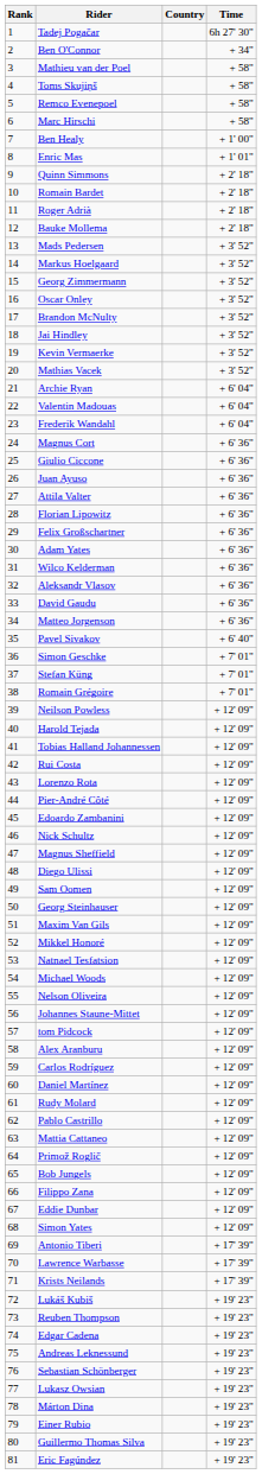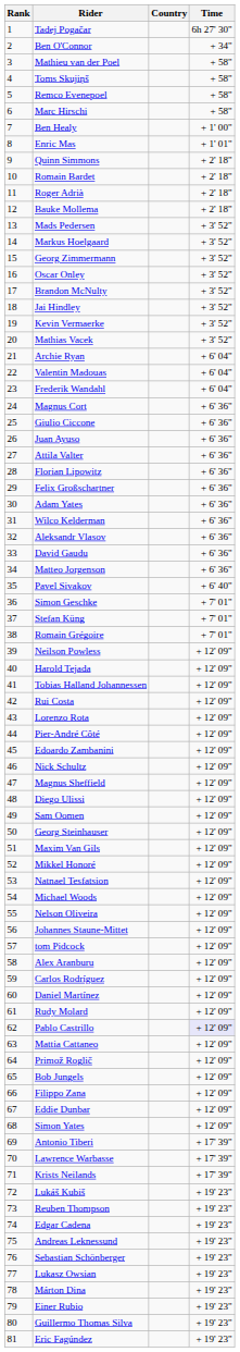 <table class="wikitable sortable" style="font-size:95%; text-align:left;">
 <tr>
 <th>Rank</th>
 <th>Rider</th>
 <th>Country</th>
 <th>Time</th>
 </tr>
 <tr>
 <td>1</td>
 <td><a href='#'>Tadej Pogačar</a></td>
 <td></td>
 <td align=right>6h 27' 30"</td>
 </tr>
 <tr>
 <td>2</td>
 <td><a href='#'>Ben O'Connor</a></td>
 <td></td>
 <td align=right>+ 34"</td>
 </tr>
 <tr>
 <td>3</td>
 <td><a href='#'>Mathieu van der Poel</a></td>
 <td></td>
 <td align=right>+ 58"</td>
 </tr>
 <tr>
 <td>4</td>
 <td><a href='#'>Toms Skujiņš</a></td>
 <td></td>
 <td align=right>+ 58"</td>
 </tr>
 <tr>
 <td>5</td>
 <td><a href='#'>Remco Evenepoel</a></td>
 <td></td>
 <td align=right>+ 58"</td>
 </tr>
 <tr>
 <td>6</td>
 <td><a href='#'>Marc Hirschi</a></td>
 <td></td>
 <td align=right>+ 58"</td>
 </tr>
 <tr>
 <td>7</td>
 <td><a href='#'>Ben Healy</a></td>
 <td></td>
 <td align=right>+ 1' 00"</td>
 </tr>
 <tr>
 <td>8</td>
 <td><a href='#'>Enric Mas</a></td>
 <td></td>
 <td align=right>+ 1' 01"</td>
 </tr>
 <tr>
 <td>9</td>
 <td><a href='#'>Quinn Simmons</a></td>
 <td></td>
 <td align=right>+ 2' 18"</td>
 </tr>
 <tr>
 <td>10</td>
 <td><a href='#'>Romain Bardet</a></td>
 <td></td>
 <td align=right>+ 2' 18"</td>
 </tr>
 <tr>
 <td>11</td>
 <td><a href='#'>Roger Adrià</a></td>
 <td></td>
 <td align=right>+ 2' 18"</td>
 </tr>
 <tr>
 <td>12</td>
 <td><a href='#'>Bauke Mollema</a></td>
 <td></td>
 <td align=right>+ 2' 18"</td>
 </tr>
 <tr>
 <td>13</td>
 <td><a href='#'>Mads Pedersen</a></td>
 <td></td>
 <td align=right>+ 3' 52"</td>
 </tr>
 <tr>
 <td>14</td>
 <td><a href='#'>Markus Hoelgaard</a></td>
 <td></td>
 <td align=right>+ 3' 52"</td>
 </tr>
 <tr>
 <td>15</td>
 <td><a href='#'>Georg Zimmermann</a></td>
 <td></td>
 <td align=right>+ 3' 52"</td>
 </tr>
 <tr>
 <td>16</td>
 <td><a href='#'>Oscar Onley</a></td>
 <td></td>
 <td align=right>+ 3' 52"</td>
 </tr>
 <tr>
 <td>17</td>
 <td><a href='#'>Brandon McNulty</a></td>
 <td></td>
 <td align=right>+ 3' 52"</td>
 </tr>
 <tr>
 <td>18</td>
 <td><a href='#'>Jai Hindley</a></td>
 <td></td>
 <td align=right>+ 3' 52"</td>
 </tr>
 <tr>
 <td>19</td>
 <td><a href='#'>Kevin Vermaerke</a></td>
 <td></td>
 <td align=right>+ 3' 52"</td>
 </tr>
 <tr>
 <td>20</td>
 <td><a href='#'>Mathias Vacek</a></td>
 <td></td>
 <td align=right>+ 3' 52"</td>
 </tr>
 <tr>
 <td>21</td>
 <td><a href='#'>Archie Ryan</a></td>
 <td></td>
 <td align=right>+ 6' 04"</td>
 </tr>
 <tr>
 <td>22</td>
 <td><a href='#'>Valentin Madouas</a></td>
 <td></td>
 <td align=right>+ 6' 04"</td>
 </tr>
 <tr>
 <td>23</td>
 <td><a href='#'>Frederik Wandahl</a></td>
 <td></td>
 <td align=right>+ 6' 04"</td>
 </tr>
 <tr>
 <td>24</td>
 <td><a href='#'>Magnus Cort</a></td>
 <td></td>
 <td align=right>+ 6' 36"</td>
 </tr>
 <tr>
 <td>25</td>
 <td><a href='#'>Giulio Ciccone</a></td>
 <td></td>
 <td align=right>+ 6' 36"</td>
 </tr>
 <tr>
 <td>26</td>
 <td><a href='#'>Juan Ayuso</a></td>
 <td></td>
 <td align=right>+ 6' 36"</td>
 </tr>
 <tr>
 <td>27</td>
 <td><a href='#'>Attila Valter</a></td>
 <td></td>
 <td align=right>+ 6' 36"</td>
 </tr>
 <tr>
 <td>28</td>
 <td><a href='#'>Florian Lipowitz</a></td>
 <td></td>
 <td align=right>+ 6' 36"</td>
 </tr>
 <tr>
 <td>29</td>
 <td><a href='#'>Felix Großschartner</a></td>
 <td></td>
 <td align=right>+ 6' 36"</td>
 </tr>
 <tr>
 <td>30</td>
 <td><a href='#'>Adam Yates</a></td>
 <td></td>
 <td align=right>+ 6' 36"</td>
 </tr>
 <tr>
 <td>31</td>
 <td><a href='#'>Wilco Kelderman</a></td>
 <td></td>
 <td align=right>+ 6' 36"</td>
 </tr>
 <tr>
 <td>32</td>
 <td><a href='#'>Aleksandr Vlasov</a></td>
 <td></td>
 <td align=right>+ 6' 36"</td>
 </tr>
 <tr>
 <td>33</td>
 <td><a href='#'>David Gaudu</a></td>
 <td></td>
 <td align=right>+ 6' 36"</td>
 </tr>
 <tr>
 <td>34</td>
 <td><a href='#'>Matteo Jorgenson</a></td>
 <td></td>
 <td align=right>+ 6' 36"</td>
 </tr>
 <tr>
 <td>35</td>
 <td><a href='#'>Pavel Sivakov</a></td>
 <td></td>
 <td align=right>+ 6' 40"</td>
 </tr>
 <tr>
 <td>36</td>
 <td><a href='#'>Simon Geschke</a></td>
 <td></td>
 <td align=right>+ 7' 01"</td>
 </tr>
 <tr>
 <td>37</td>
 <td><a href='#'>Stefan Küng</a></td>
 <td></td>
 <td align=right>+ 7' 01"</td>
 </tr>
 <tr>
 <td>38</td>
 <td><a href='#'>Romain Grégoire</a></td>
 <td></td>
 <td align=right>+ 7' 01"</td>
 </tr>
 <tr>
 <td>39</td>
 <td><a href='#'>Neilson Powless</a></td>
 <td></td>
 <td align=right>+ 12' 09"</td>
 </tr>
 <tr>
 <td>40</td>
 <td><a href='#'>Harold Tejada</a></td>
 <td></td>
 <td align=right>+ 12' 09"</td>
 </tr>
 <tr>
 <td>41</td>
 <td><a href='#'>Tobias Halland Johannessen</a></td>
 <td></td>
 <td align=right>+ 12' 09"</td>
 </tr>
 <tr>
 <td>42</td>
 <td><a href='#'>Rui Costa</a></td>
 <td></td>
 <td align=right>+ 12' 09"</td>
 </tr>
 <tr>
 <td>43</td>
 <td><a href='#'>Lorenzo Rota</a></td>
 <td></td>
 <td align=right>+ 12' 09"</td>
 </tr>
 <tr>
 <td>44</td>
 <td><a href='#'>Pier-André Côté</a></td>
 <td></td>
 <td align=right>+ 12' 09"</td>
 </tr>
 <tr>
 <td>45</td>
 <td><a href='#'>Edoardo Zambanini</a></td>
 <td></td>
 <td align=right>+ 12' 09"</td>
 </tr>
 <tr>
 <td>46</td>
 <td><a href='#'>Nick Schultz</a></td>
 <td></td>
 <td align=right>+ 12' 09"</td>
 </tr>
 <tr>
 <td>47</td>
 <td><a href='#'>Magnus Sheffield</a></td>
 <td></td>
 <td align=right>+ 12' 09"</td>
 </tr>
 <tr>
 <td>48</td>
 <td><a href='#'>Diego Ulissi</a></td>
 <td></td>
 <td align=right>+ 12' 09"</td>
 </tr>
 <tr>
 <td>49</td>
 <td><a href='#'>Sam Oomen</a></td>
 <td></td>
 <td align=right>+ 12' 09"</td>
 </tr>
 <tr>
 <td>50</td>
 <td><a href='#'>Georg Steinhauser</a></td>
 <td></td>
 <td align=right>+ 12' 09"</td>
 </tr>
 <tr>
 <td>51</td>
 <td><a href='#'>Maxim Van Gils</a></td>
 <td></td>
 <td align=right>+ 12' 09"</td>
 </tr>
 <tr>
 <td>52</td>
 <td><a href='#'>Mikkel Honoré</a></td>
 <td></td>
 <td align=right>+ 12' 09"</td>
 </tr>
 <tr>
 <td>53</td>
 <td><a href='#'>Natnael Tesfatsion</a></td>
 <td></td>
 <td align=right>+ 12' 09"</td>
 </tr>
 <tr>
 <td>54</td>
 <td><a href='#'>Michael Woods</a></td>
 <td></td>
 <td align=right>+ 12' 09"</td>
 </tr>
 <tr>
 <td>55</td>
 <td><a href='#'>Nelson Oliveira</a></td>
 <td></td>
 <td align=right>+ 12' 09"</td>
 </tr>
 <tr>
 <td>56</td>
 <td><a href='#'>Johannes Staune-Mittet</a></td>
 <td></td>
 <td align=right>+ 12' 09"</td>
 </tr>
 <tr>
 <td>57</td>
 <td><a href='#'>tom Pidcock</a></td>
 <td></td>
 <td align=right>+ 12' 09"</td>
 </tr>
 <tr>
 <td>58</td>
 <td><a href='#'>Alex Aranburu</a></td>
 <td></td>
 <td align=right>+ 12' 09"</td>
 </tr>
 <tr>
 <td>59</td>
 <td><a href='#'>Carlos Rodríguez</a></td>
 <td></td>
 <td align=right>+ 12' 09"</td>
 </tr>
 <tr>
 <td>60</td>
 <td><a href='#'>Daniel Martínez</a></td>
 <td></td>
 <td align=right>+ 12' 09"</td>
 </tr>
 <tr>
 <td>61</td>
 <td><a href='#'>Rudy Molard</a></td>
 <td></td>
 <td align=right>+ 12' 09"</td>
 </tr>
 <tr>
 <td>62</td>
 <td><a href='#'>Pablo Castrillo</a></td>
 <td></td>
-<td align=right>+ 12' 09"</td>
+<td align=right style="background: lavender;">+ 12' 09"</td>
 </tr>
 <tr>
 <td>63</td>
 <td><a href='#'>Mattia Cattaneo</a></td>
 <td></td>
 <td align=right>+ 12' 09"</td>
 </tr>
 <tr>
 <td>64</td>
 <td><a href='#'>Primož Roglič</a></td>
 <td></td>
 <td align=right>+ 12' 09"</td>
 </tr>
 <tr>
 <td>65</td>
 <td><a href='#'>Bob Jungels</a></td>
 <td></td>
 <td align=right>+ 12' 09"</td>
 </tr>
 <tr>
 <td>66</td>
 <td><a href='#'>Filippo Zana</a></td>
 <td></td>
 <td align=right>+ 12' 09"</td>
 </tr>
 <tr>
 <td>67</td>
 <td><a href='#'>Eddie Dunbar</a></td>
 <td></td>
 <td align=right>+ 12' 09"</td>
 </tr>
 <tr>
 <td>68</td>
 <td><a href='#'>Simon Yates</a></td>
 <td></td>
 <td align=right>+ 12' 09"</td>
 </tr>
 <tr>
 <td>69</td>
 <td><a href='#'>Antonio Tiberi</a></td>
 <td></td>
 <td align=right>+ 17' 39"</td>
 </tr>
 <tr>
 <td>70</td>
 <td><a href='#'>Lawrence Warbasse</a></td>
 <td></td>
 <td align=right>+ 17' 39"</td>
 </tr>
 <tr>
 <td>71</td>
 <td><a href='#'>Krists Neilands</a></td>
 <td></td>
 <td align=right>+ 17' 39"</td>
 </tr>
 <tr>
 <td>72</td>
 <td><a href='#'>Lukáš Kubiš</a></td>
 <td></td>
 <td align=right>+ 19' 23"</td>
 </tr>
 <tr>
 <td>73</td>
 <td><a href='#'>Reuben Thompson</a></td>
 <td></td>
 <td align=right>+ 19' 23"</td>
 </tr>
 <tr>
 <td>74</td>
 <td><a href='#'>Edgar Cadena</a></td>
 <td></td>
 <td align=right>+ 19' 23"</td>
 </tr>
 <tr>
 <td>75</td>
 <td><a href='#'>Andreas Leknessund</a></td>
 <td></td>
 <td align=right>+ 19' 23"</td>
 </tr>
 <tr>
 <td>76</td>
 <td><a href='#'>Sebastian Schönberger</a></td>
 <td></td>
 <td align=right>+ 19' 23"</td>
 </tr>
 <tr>
 <td>77</td>
 <td><a href='#'>Lukasz Owsian</a></td>
 <td></td>
 <td align=right>+ 19' 23"</td>
 </tr>
 <tr>
 <td>78</td>
 <td><a href='#'>Márton Dina</a></td>
 <td></td>
 <td align=right>+ 19' 23"</td>
 </tr>
 <tr>
 <td>79</td>
 <td><a href='#'>Einer Rubio</a></td>
 <td></td>
 <td align=right>+ 19' 23"</td>
 </tr>
 <tr>
 <td>80</td>
 <td><a href='#'>Guillermo Thomas Silva</a></td>
 <td></td>
 <td align=right>+ 19' 23"</td>
 </tr>
 <tr>
 <td>81</td>
 <td><a href='#'>Eric Fagúndez</a></td>
 <td></td>
 <td align=right>+ 19' 23"</td>
 </tr>
 </table>
